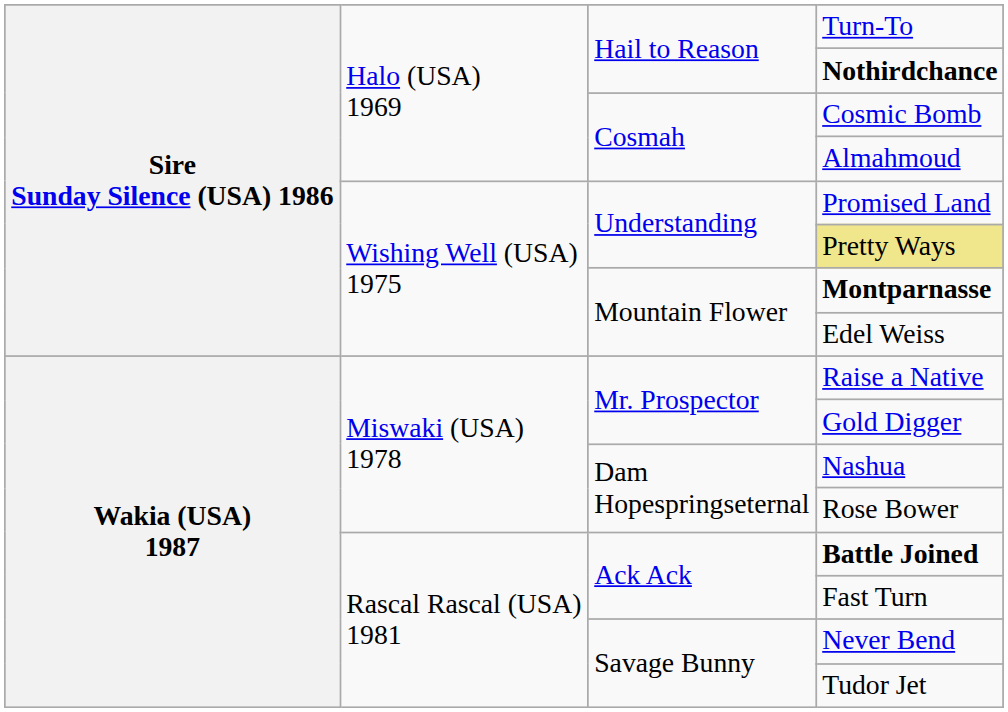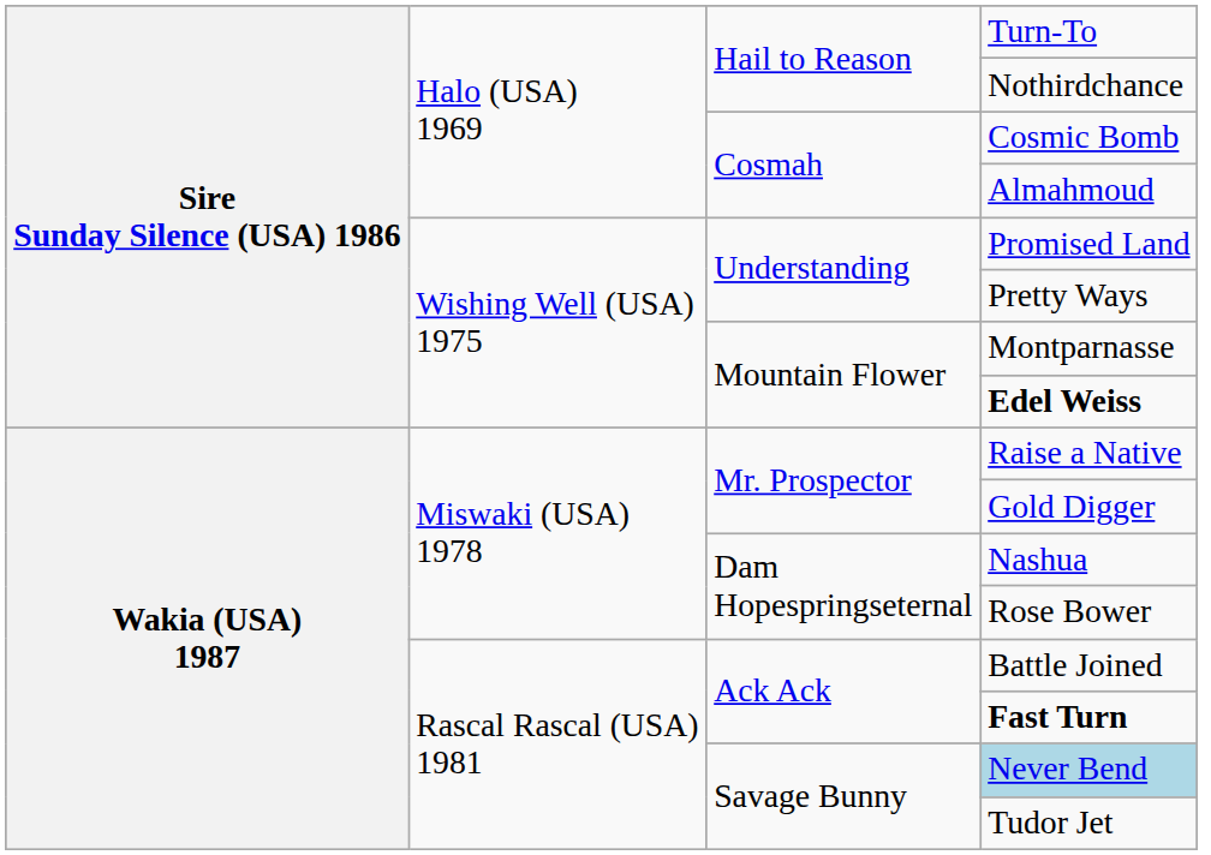 <table class="wikitable">
 <tr>
 <th rowspan="8">Sire<br><a href='#'>Sunday Silence</a> (USA) 1986</th>
 <td rowspan="4"><a href='#'>Halo</a> (USA)<br>1969</td>
 <td rowspan="2"><a href='#'>Hail to Reason</a></td>
 <td><a href='#'>Turn-To</a></td>
 </tr>
 <tr>
-<td><strong>Nothirdchance</strong></td>
+<td>Nothirdchance</td>
 </tr>
 <tr>
 <td rowspan="2"><a href='#'>Cosmah</a></td>
 <td><a href='#'>Cosmic Bomb</a></td>
 </tr>
 <tr>
 <td><a href='#'>Almahmoud</a></td>
 </tr>
 <tr>
 <td rowspan="4"><a href='#'>Wishing Well</a> (USA)<br>1975</td>
 <td rowspan="2"><a href='#'>Understanding</a>　</td>
 <td><a href='#'>Promised Land</a></td>
 </tr>
 <tr>
-<td style="background: khaki;">Pretty Ways</td>
+<td>Pretty Ways</td>
 </tr>
 <tr>
 <td rowspan="2">Mountain Flower</td>
-<td><strong>Montparnasse</strong></td>
+<td>Montparnasse</td>
 </tr>
 <tr>
-<td>Edel Weiss</td>
+<td><strong>Edel Weiss</strong></td>
 </tr>
 <tr>
 <th rowspan="8">Wakia (USA)<br>1987</th>
 <td rowspan="4"><a href='#'>Miswaki</a> (USA)<br>1978</td>
 <td rowspan="2"><a href='#'>Mr. Prospector</a></td>
 <td><a href='#'>Raise a Native</a></td>
 </tr>
 <tr>
 <td><a href='#'>Gold Digger</a></td>
 </tr>
 <tr>
 <td rowspan="2">Dam<br>Hopespringseternal</td>
 <td><a href='#'>Nashua</a></td>
 </tr>
 <tr>
 <td>Rose Bower</td>
 </tr>
 <tr>
 <td rowspan="4">Rascal Rascal (USA)<br>1981</td>
 <td rowspan="2"><a href='#'>Ack Ack</a></td>
-<td><strong>Battle Joined</strong></td>
+<td>Battle Joined</td>
 </tr>
 <tr>
-<td>Fast Turn</td>
+<td><strong>Fast Turn</strong></td>
 </tr>
 <tr>
 <td rowspan="2">Savage Bunny</td>
-<td><a href='#'>Never Bend</a></td>
+<td style="background: lightblue;"><a href='#'>Never Bend</a></td>
 </tr>
 <tr>
 <td>Tudor Jet</td>
 </tr>
 </table>
